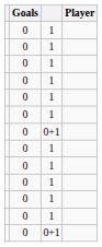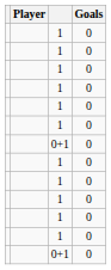 <table class="wikitable sortable" style="text-align:center;">
 <tr>
 <th></th>
+<th>Player</th>
+<th></th>
 <th>Goals</th>
-<th></th>
-<th>Player</th>
 </tr>
 <tr>
 <td></td>
+<td align="left"></td>
+<td>1</td>
 <td>0</td>
-<td>1</td>
-<td align="left"></td>
 </tr>
 <tr>
 <td></td>
+<td align="left"></td>
+<td>1</td>
 <td>0</td>
-<td>1</td>
-<td align="left"></td>
 </tr>
 <tr>
 <td></td>
+<td align="left"></td>
+<td>1</td>
 <td>0</td>
-<td>1</td>
-<td align="left"></td>
 </tr>
 <tr>
 <td></td>
+<td align="left"></td>
+<td>1</td>
 <td>0</td>
-<td>1</td>
-<td align="left"></td>
 </tr>
 <tr>
 <td></td>
+<td align="left"></td>
+<td>1</td>
 <td>0</td>
-<td>1</td>
-<td align="left"></td>
 </tr>
 <tr>
 <td></td>
+<td align="left"></td>
+<td>1</td>
 <td>0</td>
-<td>1</td>
-<td align="left"></td>
 </tr>
 <tr>
 <td></td>
+<td align="left"></td>
+<td>0+1</td>
 <td>0</td>
-<td>0+1</td>
-<td align="left"></td>
 </tr>
 <tr>
 <td></td>
+<td align="left"></td>
+<td>1</td>
 <td>0</td>
-<td>1</td>
-<td align="left"></td>
 </tr>
 <tr>
 <td></td>
+<td align="left"></td>
+<td>1</td>
 <td>0</td>
-<td>1</td>
-<td align="left"></td>
 </tr>
 <tr>
 <td></td>
+<td align="left"></td>
+<td>1</td>
 <td>0</td>
-<td>1</td>
-<td align="left"></td>
 </tr>
 <tr>
 <td></td>
+<td align="left"></td>
+<td>1</td>
 <td>0</td>
-<td>1</td>
-<td align="left"></td>
 </tr>
 <tr>
 <td></td>
+<td align="left"></td>
+<td>1</td>
 <td>0</td>
-<td>1</td>
-<td align="left"></td>
 </tr>
 <tr>
 <td></td>
+<td align="left"></td>
+<td>0+1</td>
 <td>0</td>
-<td>0+1</td>
-<td align="left"></td>
 </tr>
 </table>
